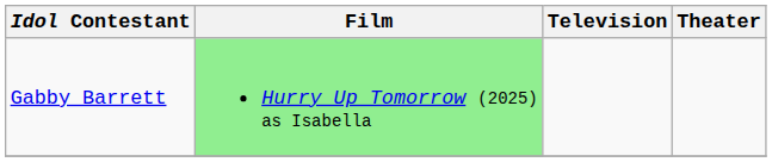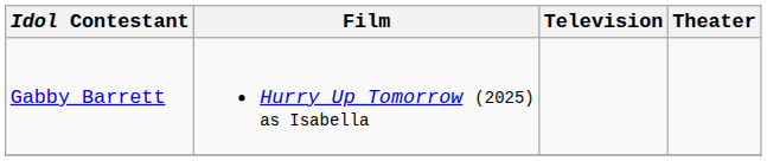 <table class="wikitable">
 <tr>
 <th><em>Idol</em> Contestant</th>
 <th>Film</th>
 <th>Television</th>
 <th>Theater</th>
 </tr>
 <tr>
 <td><a href='#'>Gabby Barrett</a><br></td>
-<td style="background: lightgreen;"><br><ul><li><em><a href='#'>Hurry Up Tomorrow</a></em> <small>(2025)<br>as Isabella</small></li></ul></td>
+<td><br><ul><li><em><a href='#'>Hurry Up Tomorrow</a></em> <small>(2025)<br>as Isabella</small></li></ul></td>
 <td></td>
 <td></td>
 </tr>
 <tr>
 </tr>
 </table>
